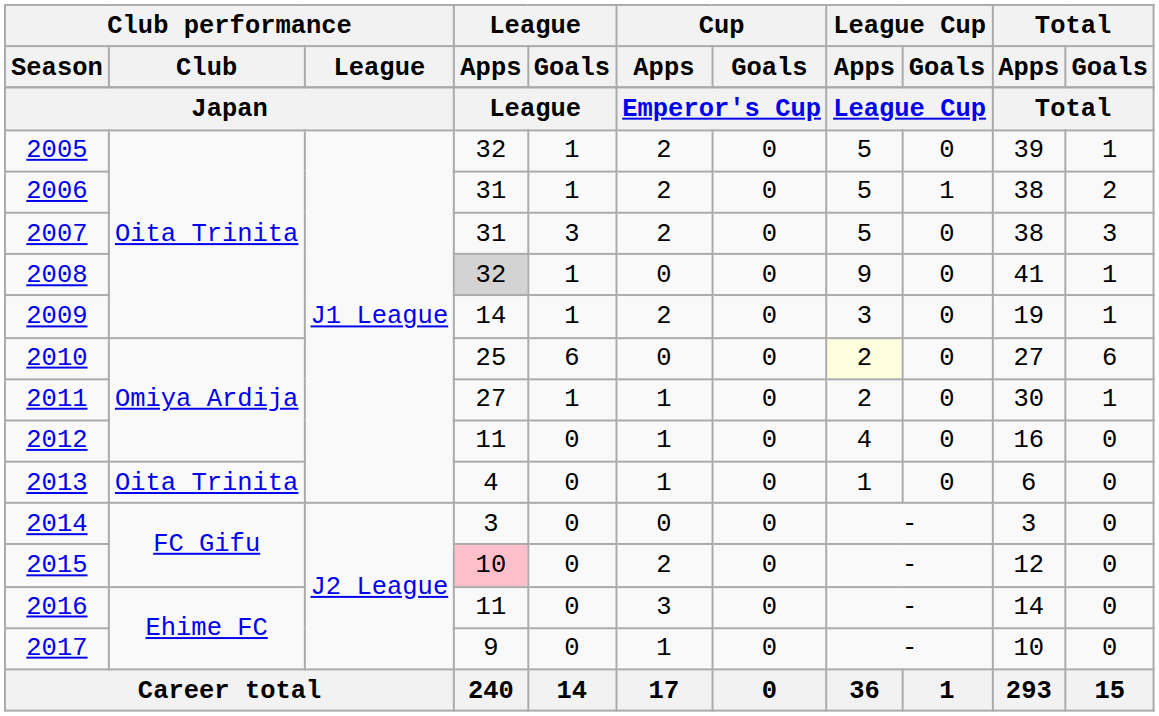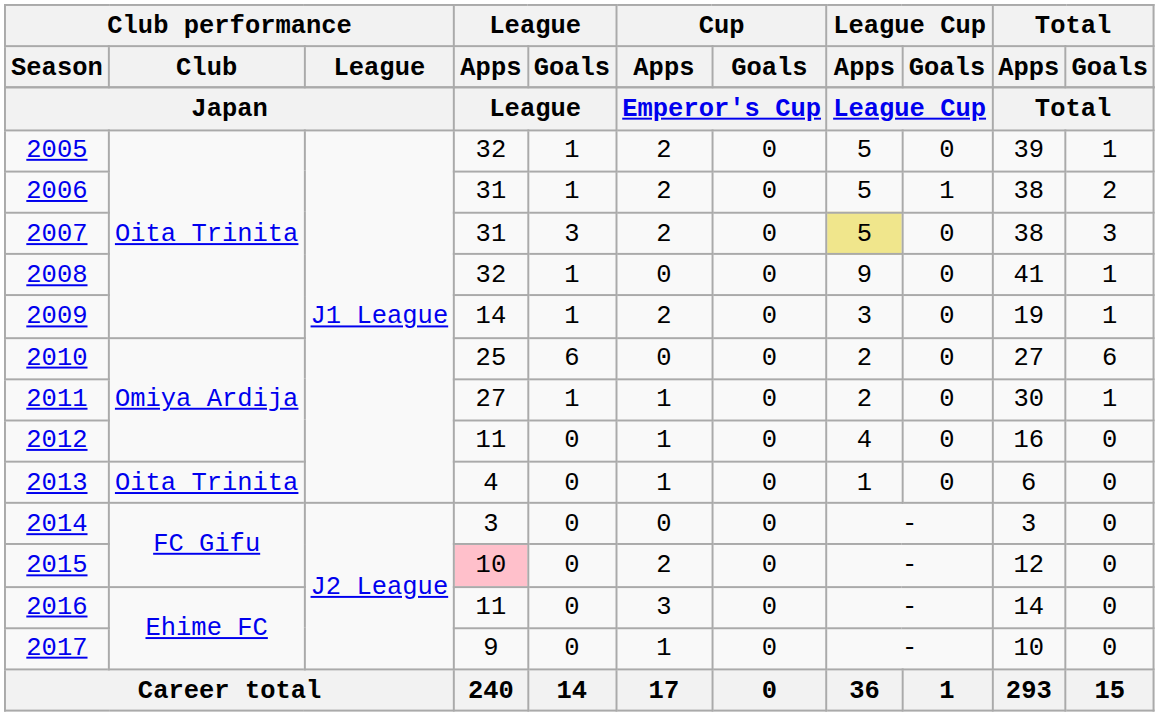 <table class="wikitable" style="text-align:center">
 <tr>
 <th colspan=3>Club performance</th>
 <th colspan=2>League</th>
 <th colspan=2>Cup</th>
 <th colspan=2>League Cup</th>
 <th colspan=2>Total</th>
 </tr>
 <tr>
 <th>Season</th>
 <th>Club</th>
 <th>League</th>
 <th>Apps</th>
 <th>Goals</th>
 <th>Apps</th>
 <th>Goals</th>
 <th>Apps</th>
 <th>Goals</th>
 <th>Apps</th>
 <th>Goals</th>
 </tr>
 <tr>
 </tr>
 <tr>
 <th colspan=3>Japan</th>
 <th colspan=2>League</th>
 <th colspan=2><a href='#'>Emperor's Cup</a></th>
 <th colspan=2><a href='#'>League Cup</a></th>
 <th colspan=2>Total</th>
 </tr>
 <tr>
 <td><a href='#'>2005</a></td>
 <td rowspan="5"><a href='#'>Oita Trinita</a></td>
 <td rowspan="9"><a href='#'>J1 League</a></td>
 <td>32</td>
 <td>1</td>
 <td>2</td>
 <td>0</td>
 <td>5</td>
 <td>0</td>
 <td>39</td>
 <td>1</td>
 </tr>
 <tr>
 <td><a href='#'>2006</a></td>
 <td>31</td>
 <td>1</td>
 <td>2</td>
 <td>0</td>
 <td>5</td>
 <td>1</td>
 <td>38</td>
 <td>2</td>
 </tr>
 <tr>
 <td><a href='#'>2007</a></td>
 <td>31</td>
 <td>3</td>
 <td>2</td>
 <td>0</td>
-<td>5</td>
+<td style="background: khaki;">5</td>
 <td>0</td>
 <td>38</td>
 <td>3</td>
 </tr>
 <tr>
 <td><a href='#'>2008</a></td>
-<td style="background: lightgrey;">32</td>
+<td>32</td>
 <td>1</td>
 <td>0</td>
 <td>0</td>
 <td>9</td>
 <td>0</td>
 <td>41</td>
 <td>1</td>
 </tr>
 <tr>
 <td><a href='#'>2009</a></td>
 <td>14</td>
 <td>1</td>
 <td>2</td>
 <td>0</td>
 <td>3</td>
 <td>0</td>
 <td>19</td>
 <td>1</td>
 </tr>
 <tr>
 <td><a href='#'>2010</a></td>
 <td rowspan="3"><a href='#'>Omiya Ardija</a></td>
 <td>25</td>
 <td>6</td>
 <td>0</td>
 <td>0</td>
-<td style="background: lightyellow;">2</td>
+<td>2</td>
 <td>0</td>
 <td>27</td>
 <td>6</td>
 </tr>
 <tr>
 <td><a href='#'>2011</a></td>
 <td>27</td>
 <td>1</td>
 <td>1</td>
 <td>0</td>
 <td>2</td>
 <td>0</td>
 <td>30</td>
 <td>1</td>
 </tr>
 <tr>
 <td><a href='#'>2012</a></td>
 <td>11</td>
 <td>0</td>
 <td>1</td>
 <td>0</td>
 <td>4</td>
 <td>0</td>
 <td>16</td>
 <td>0</td>
 </tr>
 <tr>
 <td><a href='#'>2013</a></td>
 <td><a href='#'>Oita Trinita</a></td>
 <td>4</td>
 <td>0</td>
 <td>1</td>
 <td>0</td>
 <td>1</td>
 <td>0</td>
 <td>6</td>
 <td>0</td>
 </tr>
 <tr>
 <td><a href='#'>2014</a></td>
 <td rowspan="2"><a href='#'>FC Gifu</a></td>
 <td rowspan=4><a href='#'>J2 League</a></td>
 <td>3</td>
 <td>0</td>
 <td>0</td>
 <td>0</td>
 <td colspan="2">-</td>
 <td>3</td>
 <td>0</td>
 </tr>
 <tr>
 <td><a href='#'>2015</a></td>
 <td style="background: pink;">10</td>
 <td>0</td>
 <td>2</td>
 <td>0</td>
 <td colspan="2">-</td>
 <td>12</td>
 <td>0</td>
 </tr>
 <tr>
 <td><a href='#'>2016</a></td>
 <td rowspan="2"><a href='#'>Ehime FC</a></td>
 <td>11</td>
 <td>0</td>
 <td>3</td>
 <td>0</td>
 <td colspan="2">-</td>
 <td>14</td>
 <td>0</td>
 </tr>
 <tr>
 <td><a href='#'>2017</a></td>
 <td>9</td>
 <td>0</td>
 <td>1</td>
 <td>0</td>
 <td colspan="2">-</td>
 <td>10</td>
 <td>0</td>
 </tr>
 <tr>
 <th colspan=3>Career total</th>
 <th>240</th>
 <th>14</th>
 <th>17</th>
 <th>0</th>
 <th>36</th>
 <th>1</th>
 <th>293</th>
 <th>15</th>
 </tr>
 </table>
